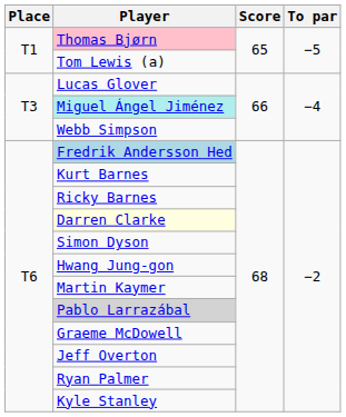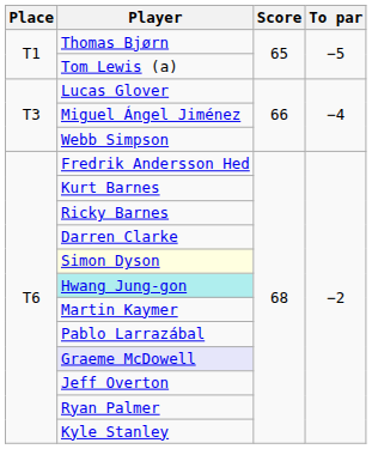 <table class="wikitable">
 <tr>
 <th>Place</th>
 <th>Player</th>
 <th>Score</th>
 <th>To par</th>
 </tr>
 <tr>
 <td rowspan="2" style="text-align:center;">T1</td>
-<td style="background: pink;"> <a href='#'>Thomas Bjørn</a></td>
+<td> <a href='#'>Thomas Bjørn</a></td>
 <td rowspan="2" style="text-align:center;">65</td>
 <td rowspan="2" style="text-align:center;">−5</td>
 </tr>
 <tr>
 <td> <a href='#'>Tom Lewis</a> (a)</td>
 </tr>
 <tr>
 <td rowspan="3" style="text-align:center;">T3</td>
 <td> <a href='#'>Lucas Glover</a></td>
 <td rowspan="3" style="text-align:center;">66</td>
 <td rowspan="3" style="text-align:center;">−4</td>
 </tr>
 <tr>
-<td style="background: paleturquoise;"> <a href='#'>Miguel Ángel Jiménez</a></td>
+<td> <a href='#'>Miguel Ángel Jiménez</a></td>
 </tr>
 <tr>
 <td> <a href='#'>Webb Simpson</a></td>
 </tr>
 <tr>
 <td rowspan="12" style="text-align:center;">T6</td>
-<td style="background: lightblue;"> <a href='#'>Fredrik Andersson Hed</a></td>
+<td> <a href='#'>Fredrik Andersson Hed</a></td>
 <td rowspan="12" style="text-align:center;">68</td>
 <td rowspan="12" style="text-align:center;">−2</td>
 </tr>
 <tr>
 <td> <a href='#'>Kurt Barnes</a></td>
 </tr>
 <tr>
 <td> <a href='#'>Ricky Barnes</a></td>
 </tr>
 <tr>
-<td style="background: lightyellow;"> <a href='#'>Darren Clarke</a></td>
+<td> <a href='#'>Darren Clarke</a></td>
 </tr>
 <tr>
-<td> <a href='#'>Simon Dyson</a></td>
+<td style="background: lightyellow;"> <a href='#'>Simon Dyson</a></td>
 </tr>
 <tr>
-<td> <a href='#'>Hwang Jung-gon</a></td>
+<td style="background: paleturquoise;"> <a href='#'>Hwang Jung-gon</a></td>
 </tr>
 <tr>
 <td> <a href='#'>Martin Kaymer</a></td>
 </tr>
 <tr>
-<td style="background: lightgrey;"> <a href='#'>Pablo Larrazábal</a></td>
+<td> <a href='#'>Pablo Larrazábal</a></td>
 </tr>
 <tr>
-<td> <a href='#'>Graeme McDowell</a></td>
+<td style="background: lavender;"> <a href='#'>Graeme McDowell</a></td>
 </tr>
 <tr>
 <td> <a href='#'>Jeff Overton</a></td>
 </tr>
 <tr>
 <td> <a href='#'>Ryan Palmer</a></td>
 </tr>
 <tr>
 <td> <a href='#'>Kyle Stanley</a></td>
 </tr>
 </table>
